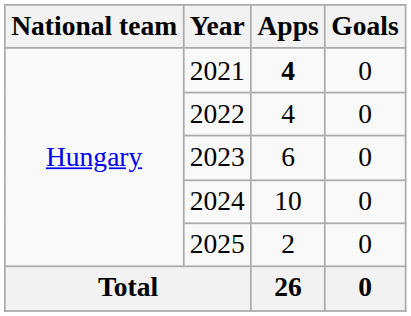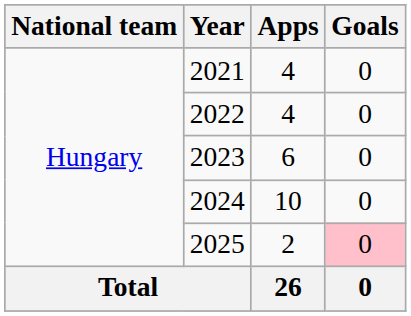 <table class="wikitable" style="text-align:center">
 <tr>
 <th>National team</th>
 <th>Year</th>
 <th>Apps</th>
 <th>Goals</th>
 </tr>
 <tr>
 <td rowspan="5"><a href='#'>Hungary</a></td>
 <td>2021</td>
-<td><strong>4</strong></td>
+<td>4</td>
 <td>0</td>
 </tr>
 <tr>
 <td>2022</td>
 <td>4</td>
 <td>0</td>
 </tr>
 <tr>
 <td>2023</td>
 <td>6</td>
 <td>0</td>
 </tr>
 <tr>
 <td>2024</td>
 <td>10</td>
 <td>0</td>
 </tr>
 <tr>
 <td>2025</td>
 <td>2</td>
-<td>0</td>
+<td style="background: pink;">0</td>
 </tr>
 <tr>
 <th colspan="2">Total</th>
 <th>26</th>
 <th>0</th>
 </tr>
 </table>
